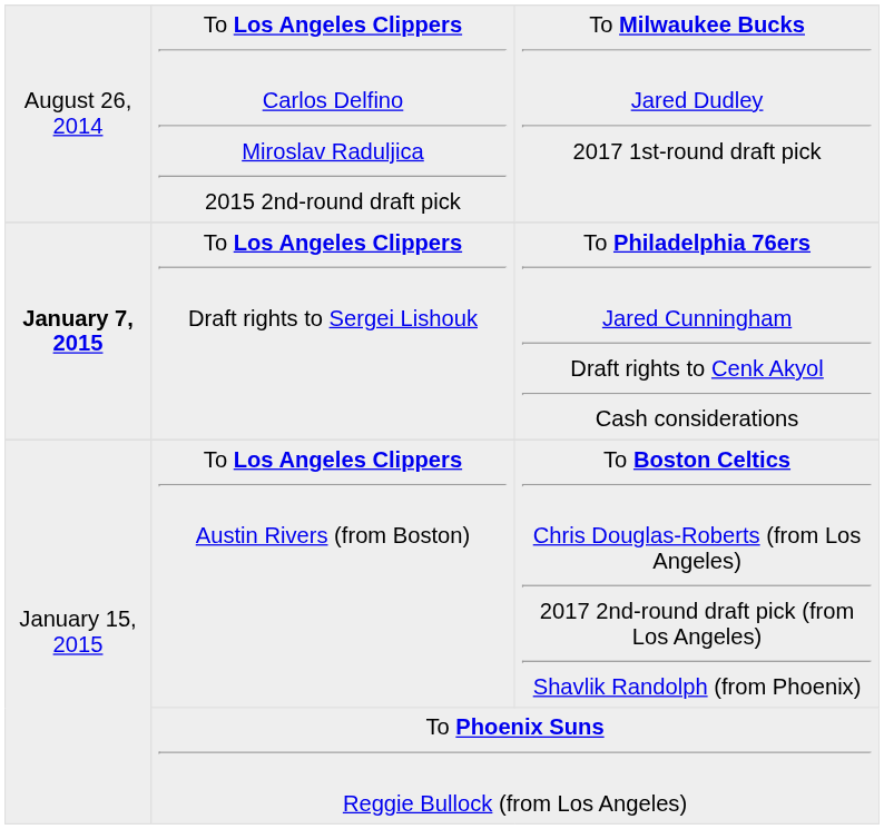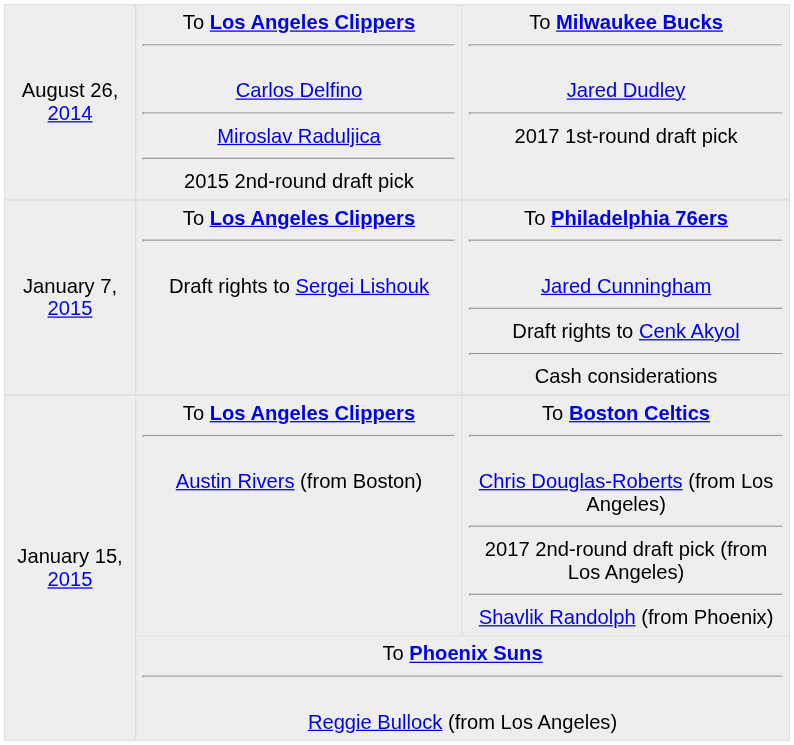 <table border=1 style="border-collapse:collapse; text-align: center; width: 100%" bordercolor="#DFDFDF"  cellpadding="5">
 <tr>
 </tr>
 <tr bgcolor="eeeeee">
 <td style="width:12%">August 26, <a href='#'>2014</a></td>
 <td style="width:30%" valign="top">To <strong><a href='#'>Los Angeles Clippers</a></strong><hr><br><a href='#'>Carlos Delfino</a><hr><a href='#'>Miroslav Raduljica</a><hr>2015 2nd-round draft pick</td>
 <td style="width:30%" valign="top">To <strong><a href='#'>Milwaukee Bucks</a></strong><hr><br><a href='#'>Jared Dudley</a><hr>2017 1st-round draft pick</td>
 </tr>
 <tr>
 </tr>
 <tr bgcolor="eeeeee">
-<td style="width:12%"><strong>January 7, <a href='#'>2015</a></strong></td>
+<td style="width:12%">January 7, <a href='#'>2015</a></td>
 <td style="width:30%" valign="top">To <strong><a href='#'>Los Angeles Clippers</a></strong><hr><br>Draft rights to <a href='#'>Sergei Lishouk</a></td>
 <td style="width:30%" valign="top">To <strong><a href='#'>Philadelphia 76ers</a></strong><hr><br><a href='#'>Jared Cunningham</a><hr>Draft rights to <a href='#'>Cenk Akyol</a><hr>Cash considerations</td>
 </tr>
 <tr>
 </tr>
 <tr bgcolor="eeeeee">
 <td style="width:12%" rowspan=3>January 15, <a href='#'>2015</a></td>
 <td style="width:30%" valign="top">To <strong><a href='#'>Los Angeles Clippers</a></strong><hr><br><a href='#'>Austin Rivers</a> (from Boston)</td>
 <td style="width:30%" valign="top">To <strong><a href='#'>Boston Celtics</a></strong><hr><br><a href='#'>Chris Douglas-Roberts</a> (from Los Angeles)<hr>2017 2nd-round draft pick (from Los Angeles)<hr><a href='#'>Shavlik Randolph</a> (from Phoenix)</td>
 </tr>
 <tr bgcolor="eeeeee">
 <td colspan="3" style="width:30%; vertical-align:top;">To <strong><a href='#'>Phoenix Suns</a></strong><hr><br><a href='#'>Reggie Bullock</a> (from Los Angeles)</td>
 </tr>
 </table>
